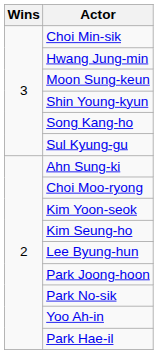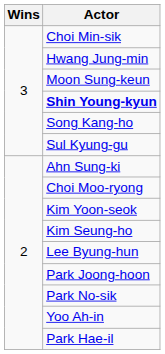 <table class="wikitable">
 <tr>
 <th>Wins</th>
 <th>Actor</th>
 </tr>
 <tr>
 <td rowspan="6" style="text-align:center;">3</td>
 <td><a href='#'>Choi Min-sik</a></td>
 </tr>
 <tr>
 <td><a href='#'>Hwang Jung-min</a></td>
 </tr>
 <tr>
 <td><a href='#'>Moon Sung-keun</a></td>
 </tr>
 <tr>
-<td><a href='#'>Shin Young-kyun</a></td>
+<td><strong><a href='#'>Shin Young-kyun</a></strong></td>
 </tr>
 <tr>
 <td><a href='#'>Song Kang-ho</a></td>
 </tr>
 <tr>
 <td><a href='#'>Sul Kyung-gu</a></td>
 </tr>
 <tr>
 <td rowspan="9" style="text-align:center;">2</td>
 <td><a href='#'>Ahn Sung-ki</a></td>
 </tr>
 <tr>
 <td><a href='#'>Choi Moo-ryong</a></td>
 </tr>
 <tr>
 <td><a href='#'>Kim Yoon-seok</a></td>
 </tr>
 <tr>
 <td><a href='#'>Kim Seung-ho</a></td>
 </tr>
 <tr>
 <td><a href='#'>Lee Byung-hun</a></td>
 </tr>
 <tr>
 <td><a href='#'>Park Joong-hoon</a></td>
 </tr>
 <tr>
 <td><a href='#'>Park No-sik</a></td>
 </tr>
 <tr>
 <td><a href='#'>Yoo Ah-in</a></td>
 </tr>
 <tr>
 <td><a href='#'>Park Hae-il</a></td>
 </tr>
 </table>
